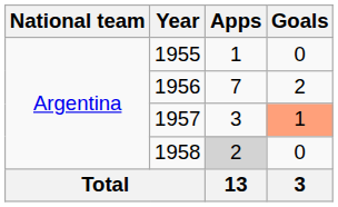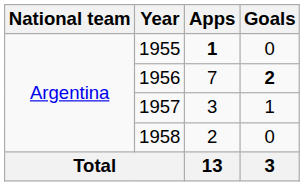 <table class="wikitable" style="text-align:center">
 <tr>
 <th>National team</th>
 <th>Year</th>
 <th>Apps</th>
 <th>Goals</th>
 </tr>
 <tr>
 <td rowspan="4"><a href='#'>Argentina</a></td>
 <td>1955</td>
-<td>1</td>
+<td><strong>1</strong></td>
 <td>0</td>
 </tr>
 <tr>
 <td>1956</td>
 <td>7</td>
-<td>2</td>
+<td><strong>2</strong></td>
 </tr>
 <tr>
 <td>1957</td>
 <td>3</td>
-<td style="background: lightsalmon;">1</td>
+<td>1</td>
 </tr>
 <tr>
 <td>1958</td>
-<td style="background: lightgrey;">2</td>
+<td>2</td>
 <td>0</td>
 </tr>
 <tr>
 <th colspan=2>Total</th>
 <th>13</th>
 <th>3</th>
 </tr>
 </table>
